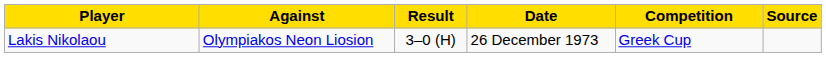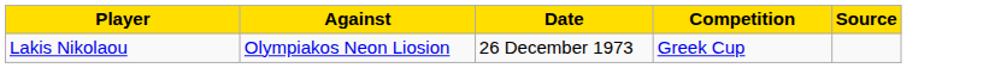 <table class="wikitable">
 <tr>
 <th width=200 style="background:#FFDE00">Player</th>
 <th width=200 style="background:#FFDE00">Against</th>
-<th width=70 style="background:#FFDE00">Result</th>
 <th width=150 style="background:#FFDE00">Date</th>
 <th width=150 style="background:#FFDE00">Competition</th>
 <th style="background:#FFDE00">Source</th>
 </tr>
 <tr>
 <td> <a href='#'>Lakis Nikolaou</a></td>
 <td> <a href='#'>Olympiakos Neon Liosion</a></td>
-<td align=center>3–0 (H)</td>
 <td>26 December 1973</td>
 <td><a href='#'>Greek Cup</a></td>
 <td align=center></td>
 </tr>
 </table>
